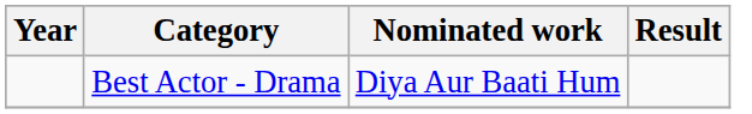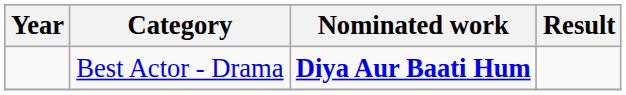 <table class="wikitable">
 <tr>
 <th>Year</th>
 <th>Category</th>
 <th>Nominated work</th>
 <th>Result</th>
 </tr>
 <tr>
 <td 2013></td>
 <td><a href='#'>Best Actor - Drama</a></td>
-<td><a href='#'>Diya Aur Baati Hum</a></td>
+<td><strong><a href='#'>Diya Aur Baati Hum</a></strong></td>
 <td></td>
 </tr>
 <tr>
 </tr>
 </table>
